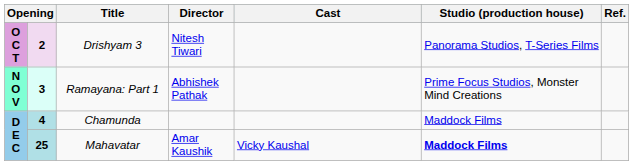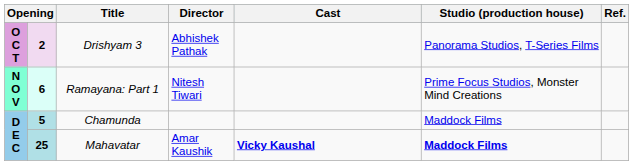 <table class="wikitable">
 <tr style="background:#b0e0e6; text-align:center;">
 <th colspan="2" style="width:6%;"><strong>Opening</strong></th>
 <th style="width:18%;"><strong>Title</strong></th>
 <th style="width:10.5%;"><strong>Director</strong></th>
 <th style="width:30%;"><strong>Cast</strong></th>
 <th>Studio (production house)</th>
 <th>Ref.</th>
 </tr>
 <tr>
 <td style="text-align:center; background:plum; textcolor:#000;"><strong>O<br>C<br>T</strong></td>
 <td style="text-align:center;background:#f1daf1;"><strong>2</strong></td>
 <td style="text-align:center;"><em>Drishyam 3</em></td>
-<td><a href='#'>Nitesh Tiwari</a></td>
+<td><a href='#'>Abhishek Pathak</a></td>
 <td></td>
 <td><a href='#'>Panorama Studios</a>, <a href='#'>T-Series Films</a></td>
 <td></td>
 </tr>
 <tr>
 <td style="text-align:center; background:#7FFFD4; textcolor:#000;"><strong>N<br>O<br>V</strong></td>
-<td style="text-align:center; background:#dbfff8; textcolor:#000;"><strong>3</strong></td>
+<td style="text-align:center; background:#dbfff8; textcolor:#000;"><strong>6</strong></td>
 <td style="text-align:center;"><em>Ramayana: Part 1</em></td>
-<td><a href='#'>Abhishek Pathak</a></td>
+<td><a href='#'>Nitesh Tiwari</a></td>
 <td></td>
 <td><a href='#'>Prime Focus Studios</a>, Monster Mind Creations</td>
 <td></td>
 </tr>
 <tr>
 <td rowspan="2" style="text-align:center; background:#93CCEA; textcolor:#000;"><strong>D<br>E<br>C</strong></td>
-<td style="text-align:center;background:#B0E0E6;"><strong>4</strong></td>
+<td style="text-align:center;background:#B0E0E6;"><strong>5</strong></td>
 <td style="text-align:center;"><em>Chamunda</em></td>
 <td></td>
 <td></td>
 <td><a href='#'>Maddock Films</a></td>
 <td></td>
 </tr>
 <tr>
 <td style="text-align:center;background:#B0E0E6;"><strong>25</strong></td>
 <td style="text-align:center;"><em>Mahavatar</em></td>
 <td><a href='#'>Amar Kaushik</a></td>
-<td><a href='#'>Vicky Kaushal</a></td>
+<td><strong><a href='#'>Vicky Kaushal</a></strong></td>
 <td><strong><a href='#'>Maddock Films</a></strong></td>
 <td></td>
 </tr>
 </table>
